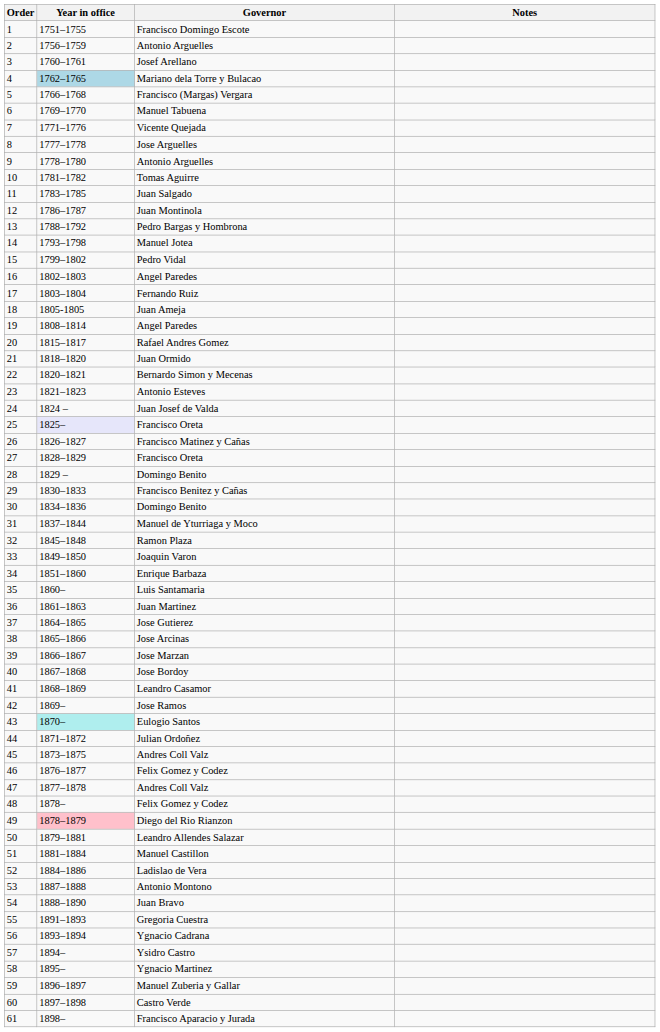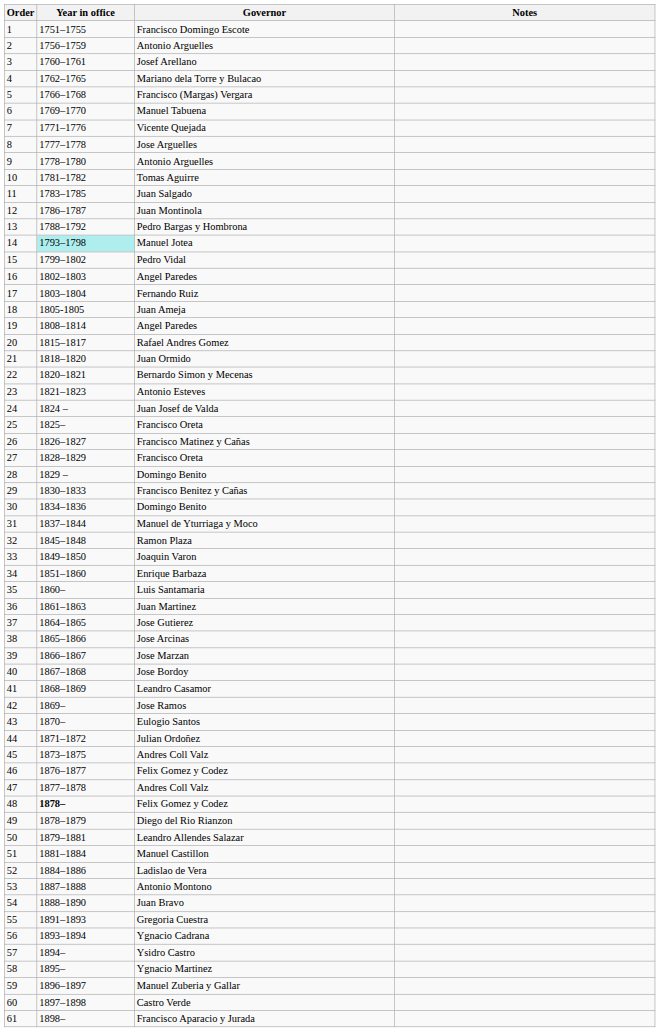 <table class="wikitable">
 <tr>
 <th width=5%>Order</th>
 <th width=15%>Year in office</th>
 <th width=40%>Governor<br></th>
 <th width=80%>Notes</th>
 </tr>
 <tr>
 <td>1</td>
 <td>1751–1755</td>
 <td>Francisco Domingo Escote</td>
 <td></td>
 </tr>
 <tr>
 <td>2</td>
 <td>1756–1759</td>
 <td>Antonio Arguelles</td>
 <td></td>
 </tr>
 <tr>
 <td>3</td>
 <td>1760–1761</td>
 <td>Josef Arellano</td>
 <td></td>
 </tr>
 <tr>
 <td>4</td>
-<td style="background: lightblue;">1762–1765</td>
+<td>1762–1765</td>
 <td>Mariano dela Torre y Bulacao</td>
 <td></td>
 </tr>
 <tr>
 <td>5</td>
 <td>1766–1768</td>
 <td>Francisco (Margas) Vergara</td>
 <td></td>
 </tr>
 <tr>
 <td>6</td>
 <td>1769–1770</td>
 <td>Manuel Tabuena</td>
 <td></td>
 </tr>
 <tr>
 <td>7</td>
 <td>1771–1776</td>
 <td>Vicente Quejada</td>
 <td></td>
 </tr>
 <tr>
 <td>8</td>
 <td>1777–1778</td>
 <td>Jose Arguelles</td>
 <td></td>
 </tr>
 <tr>
 <td>9</td>
 <td>1778–1780</td>
 <td>Antonio Arguelles</td>
 <td></td>
 </tr>
 <tr>
 <td>10</td>
 <td>1781–1782</td>
 <td>Tomas Aguirre</td>
 <td></td>
 </tr>
 <tr>
 <td>11</td>
 <td>1783–1785</td>
 <td>Juan Salgado</td>
 <td></td>
 </tr>
 <tr>
 <td>12</td>
 <td>1786–1787</td>
 <td>Juan Montinola</td>
 <td></td>
 </tr>
 <tr>
 <td>13</td>
 <td>1788–1792</td>
 <td>Pedro Bargas y Hombrona</td>
 <td></td>
 </tr>
 <tr>
 <td>14</td>
-<td>1793–1798</td>
+<td style="background: paleturquoise;">1793–1798</td>
 <td>Manuel Jotea</td>
 <td></td>
 </tr>
 <tr>
 <td>15</td>
 <td>1799–1802</td>
 <td>Pedro Vidal</td>
 <td></td>
 </tr>
 <tr>
 <td>16</td>
 <td>1802–1803</td>
 <td>Angel Paredes</td>
 <td></td>
 </tr>
 <tr>
 <td>17</td>
 <td>1803–1804</td>
 <td>Fernando Ruiz</td>
 <td></td>
 </tr>
 <tr>
 <td>18</td>
 <td>1805-1805</td>
 <td>Juan Ameja</td>
 <td></td>
 </tr>
 <tr>
 <td>19</td>
 <td>1808–1814</td>
 <td>Angel Paredes</td>
 <td></td>
 </tr>
 <tr>
 <td>20</td>
 <td>1815–1817</td>
 <td>Rafael Andres Gomez</td>
 <td></td>
 </tr>
 <tr>
 <td>21</td>
 <td>1818–1820</td>
 <td>Juan Ormido</td>
 <td></td>
 </tr>
 <tr>
 <td>22</td>
 <td>1820–1821</td>
 <td>Bernardo Simon y Mecenas</td>
 <td></td>
 </tr>
 <tr>
 <td>23</td>
 <td>1821–1823</td>
 <td>Antonio Esteves</td>
 <td></td>
 </tr>
 <tr>
 <td>24</td>
 <td>1824 –</td>
 <td>Juan Josef de Valda</td>
 <td></td>
 </tr>
 <tr>
 <td>25</td>
-<td style="background: lavender;">1825–</td>
+<td>1825–</td>
 <td>Francisco Oreta</td>
 <td></td>
 </tr>
 <tr>
 <td>26</td>
 <td>1826–1827</td>
 <td>Francisco Matinez y Cañas</td>
 <td></td>
 </tr>
 <tr>
 <td>27</td>
 <td>1828–1829</td>
 <td>Francisco Oreta</td>
 <td></td>
 </tr>
 <tr>
 <td>28</td>
 <td>1829 –</td>
 <td>Domingo Benito</td>
 <td></td>
 </tr>
 <tr>
 <td>29</td>
 <td>1830–1833</td>
 <td>Francisco Benitez y Cañas</td>
 <td></td>
 </tr>
 <tr>
 <td>30</td>
 <td>1834–1836</td>
 <td>Domingo Benito</td>
 <td></td>
 </tr>
 <tr>
 <td>31</td>
 <td>1837–1844</td>
 <td>Manuel de Yturriaga y Moco</td>
 <td></td>
 </tr>
 <tr>
 <td>32</td>
 <td>1845–1848</td>
 <td>Ramon Plaza</td>
 <td></td>
 </tr>
 <tr>
 <td>33</td>
 <td>1849–1850</td>
 <td>Joaquin Varon</td>
 <td></td>
 </tr>
 <tr>
 <td>34</td>
 <td>1851–1860</td>
 <td>Enrique Barbaza</td>
 <td></td>
 </tr>
 <tr>
 <td>35</td>
 <td>1860–</td>
 <td>Luis Santamaria</td>
 <td></td>
 </tr>
 <tr>
 <td>36</td>
 <td>1861–1863</td>
 <td>Juan Martinez</td>
 <td></td>
 </tr>
 <tr>
 <td>37</td>
 <td>1864–1865</td>
 <td>Jose Gutierez</td>
 <td></td>
 </tr>
 <tr>
 <td>38</td>
 <td>1865–1866</td>
 <td>Jose Arcinas</td>
 <td></td>
 </tr>
 <tr>
 <td>39</td>
 <td>1866–1867</td>
 <td>Jose Marzan</td>
 <td></td>
 </tr>
 <tr>
 <td>40</td>
 <td>1867–1868</td>
 <td>Jose Bordoy</td>
 <td></td>
 </tr>
 <tr>
 <td>41</td>
 <td>1868–1869</td>
 <td>Leandro Casamor</td>
 <td></td>
 </tr>
 <tr>
 <td>42</td>
 <td>1869–</td>
 <td>Jose Ramos</td>
 <td></td>
 </tr>
 <tr>
 <td>43</td>
-<td style="background: paleturquoise;">1870–</td>
+<td>1870–</td>
 <td>Eulogio Santos</td>
 <td></td>
 </tr>
 <tr>
 <td>44</td>
 <td>1871–1872</td>
 <td>Julian Ordoñez</td>
 <td></td>
 </tr>
 <tr>
 <td>45</td>
 <td>1873–1875</td>
 <td>Andres Coll Valz</td>
 <td></td>
 </tr>
 <tr>
 <td>46</td>
 <td>1876–1877</td>
 <td>Felix Gomez y Codez</td>
 <td></td>
 </tr>
 <tr>
 <td>47</td>
 <td>1877–1878</td>
 <td>Andres Coll Valz</td>
 <td></td>
 </tr>
 <tr>
 <td>48</td>
-<td>1878–</td>
+<td><strong>1878–</strong></td>
 <td>Felix Gomez y Codez</td>
 <td></td>
 </tr>
 <tr>
 <td>49</td>
-<td style="background: pink;">1878–1879</td>
+<td>1878–1879</td>
 <td>Diego del Rio Rianzon</td>
 <td></td>
 </tr>
 <tr>
 <td>50</td>
 <td>1879–1881</td>
 <td>Leandro Allendes Salazar</td>
 <td></td>
 </tr>
 <tr>
 <td>51</td>
 <td>1881–1884</td>
 <td>Manuel Castillon</td>
 <td></td>
 </tr>
 <tr>
 <td>52</td>
 <td>1884–1886</td>
 <td>Ladislao de Vera</td>
 <td></td>
 </tr>
 <tr>
 <td>53</td>
 <td>1887–1888</td>
 <td>Antonio Montono</td>
 <td></td>
 </tr>
 <tr>
 <td>54</td>
 <td>1888–1890</td>
 <td>Juan Bravo</td>
 <td></td>
 </tr>
 <tr>
 <td>55</td>
 <td>1891–1893</td>
 <td>Gregoria Cuestra</td>
 <td></td>
 </tr>
 <tr>
 <td>56</td>
 <td>1893–1894</td>
 <td>Ygnacio Cadrana</td>
 <td></td>
 </tr>
 <tr>
 <td>57</td>
 <td>1894–</td>
 <td>Ysidro Castro</td>
 <td></td>
 </tr>
 <tr>
 <td>58</td>
 <td>1895–</td>
 <td>Ygnacio Martinez</td>
 <td></td>
 </tr>
 <tr>
 <td>59</td>
 <td>1896–1897</td>
 <td>Manuel Zuberia y Gallar</td>
 <td></td>
 </tr>
 <tr>
 <td>60</td>
 <td>1897–1898</td>
 <td>Castro Verde</td>
 <td></td>
 </tr>
 <tr>
 <td>61</td>
 <td>1898–</td>
 <td>Francisco Aparacio y Jurada</td>
 <td></td>
 </tr>
 </table>
